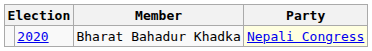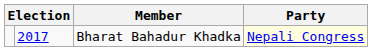 <table class="wikitable">
 <tr>
 <th colspan="2">Election</th>
 <th>Member</th>
 <th>Party</th>
 </tr>
 <tr>
 <td style="background-color:"></td>
-<td><a href='#'>2020</a></td>
+<td><a href='#'>2017</a></td>
 <td>Bharat Bahadur Khadka</td>
 <td style="background: lightyellow;"><a href='#'>Nepali Congress</a></td>
 </tr>
 </table>
